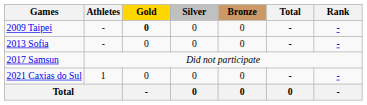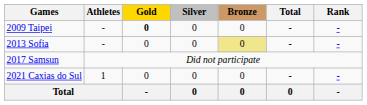 <table class="wikitable" style="text-align:center; font-size:90%;">
 <tr>
 <th>Games</th>
 <th>Athletes</th>
 <td style="background:gold; width:4.5em; font-weight:bold;">Gold</td>
 <td style="background:silver; width:4.5em; font-weight:bold;">Silver</td>
 <td style="background:#cc9966; width:4.5em; font-weight:bold;">Bronze</td>
 <th style="width:4.5em; font-weight:bold;">Total</th>
 <th style="width:4.5em; font-weight:bold;">Rank</th>
 </tr>
 <tr>
 <td align=left> <a href='#'>2009 Taipei</a></td>
 <td>-</td>
 <td><strong>0</strong></td>
 <td>0</td>
 <td>0</td>
 <td><strong>-</strong></td>
 <td><a href='#'><strong>-</strong></a></td>
 </tr>
 <tr>
 <td align=left> <a href='#'>2013 Sofia</a></td>
 <td>-</td>
 <td>0</td>
 <td>0</td>
-<td>0</td>
+<td style="background: khaki;">0</td>
 <td><strong>-</strong></td>
 <td><a href='#'><strong>-</strong></a></td>
 </tr>
 <tr>
 <td align=left> <a href='#'>2017 Samsun</a></td>
 <td colspan=6><em>Did not participate</em></td>
 </tr>
 <tr>
 <td align=left> <a href='#'>2021 Caxias do Sul</a></td>
 <td>1</td>
 <td>0</td>
 <td>0</td>
 <td>0</td>
 <td><strong>-</strong></td>
 <td><a href='#'><strong>-</strong></a></td>
 </tr>
 <tr>
 <th colspan=2>Total</th>
 <th><strong>-</strong></th>
 <th><strong>0</strong></th>
 <th><strong>0</strong></th>
 <th><strong>0</strong></th>
 <th><strong>-</strong></th>
 </tr>
 </table>
